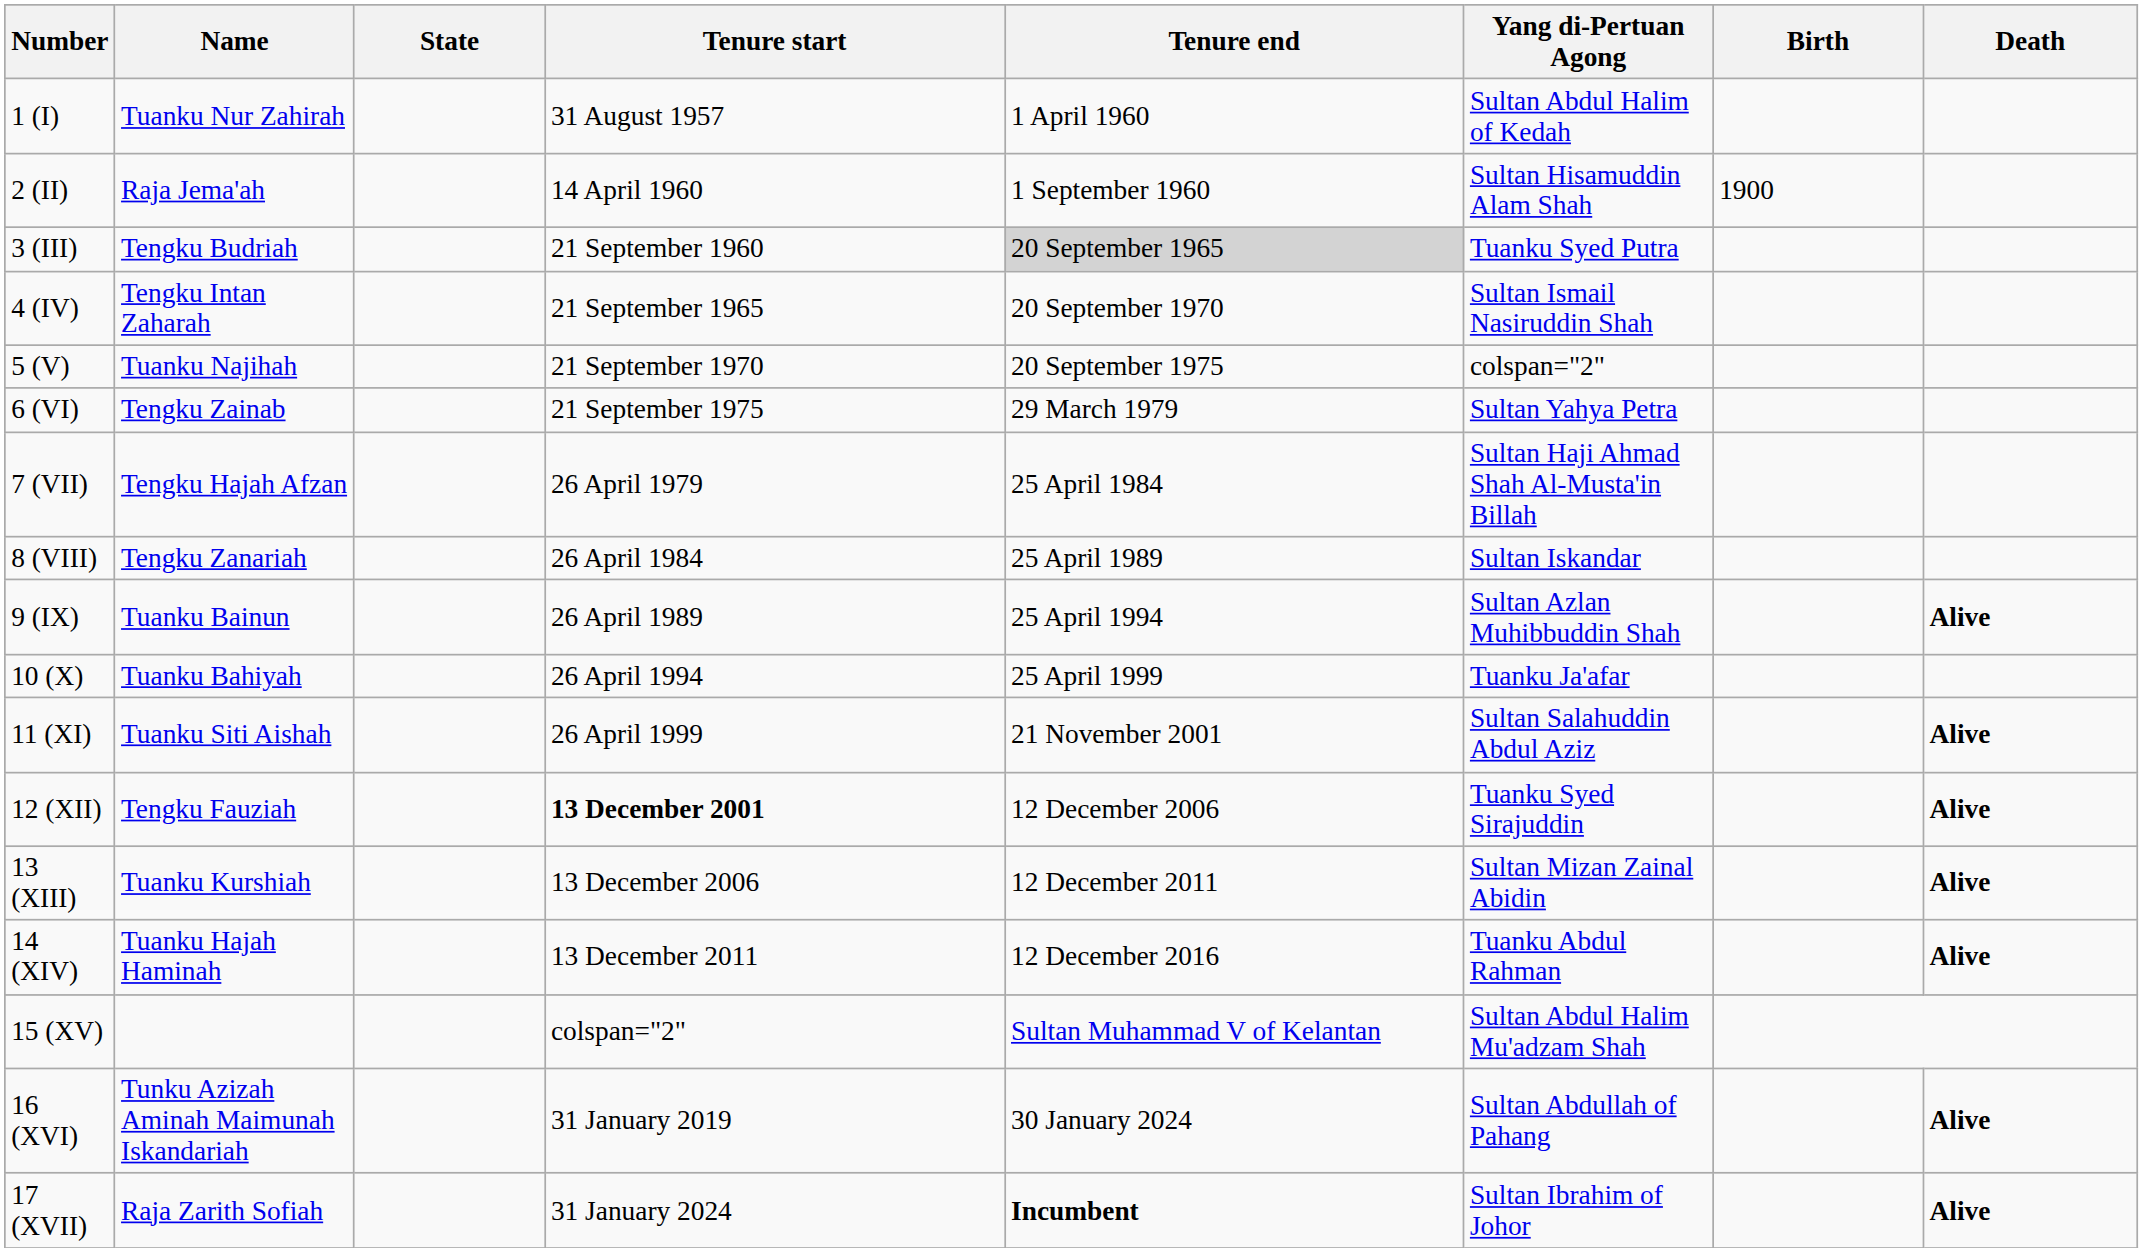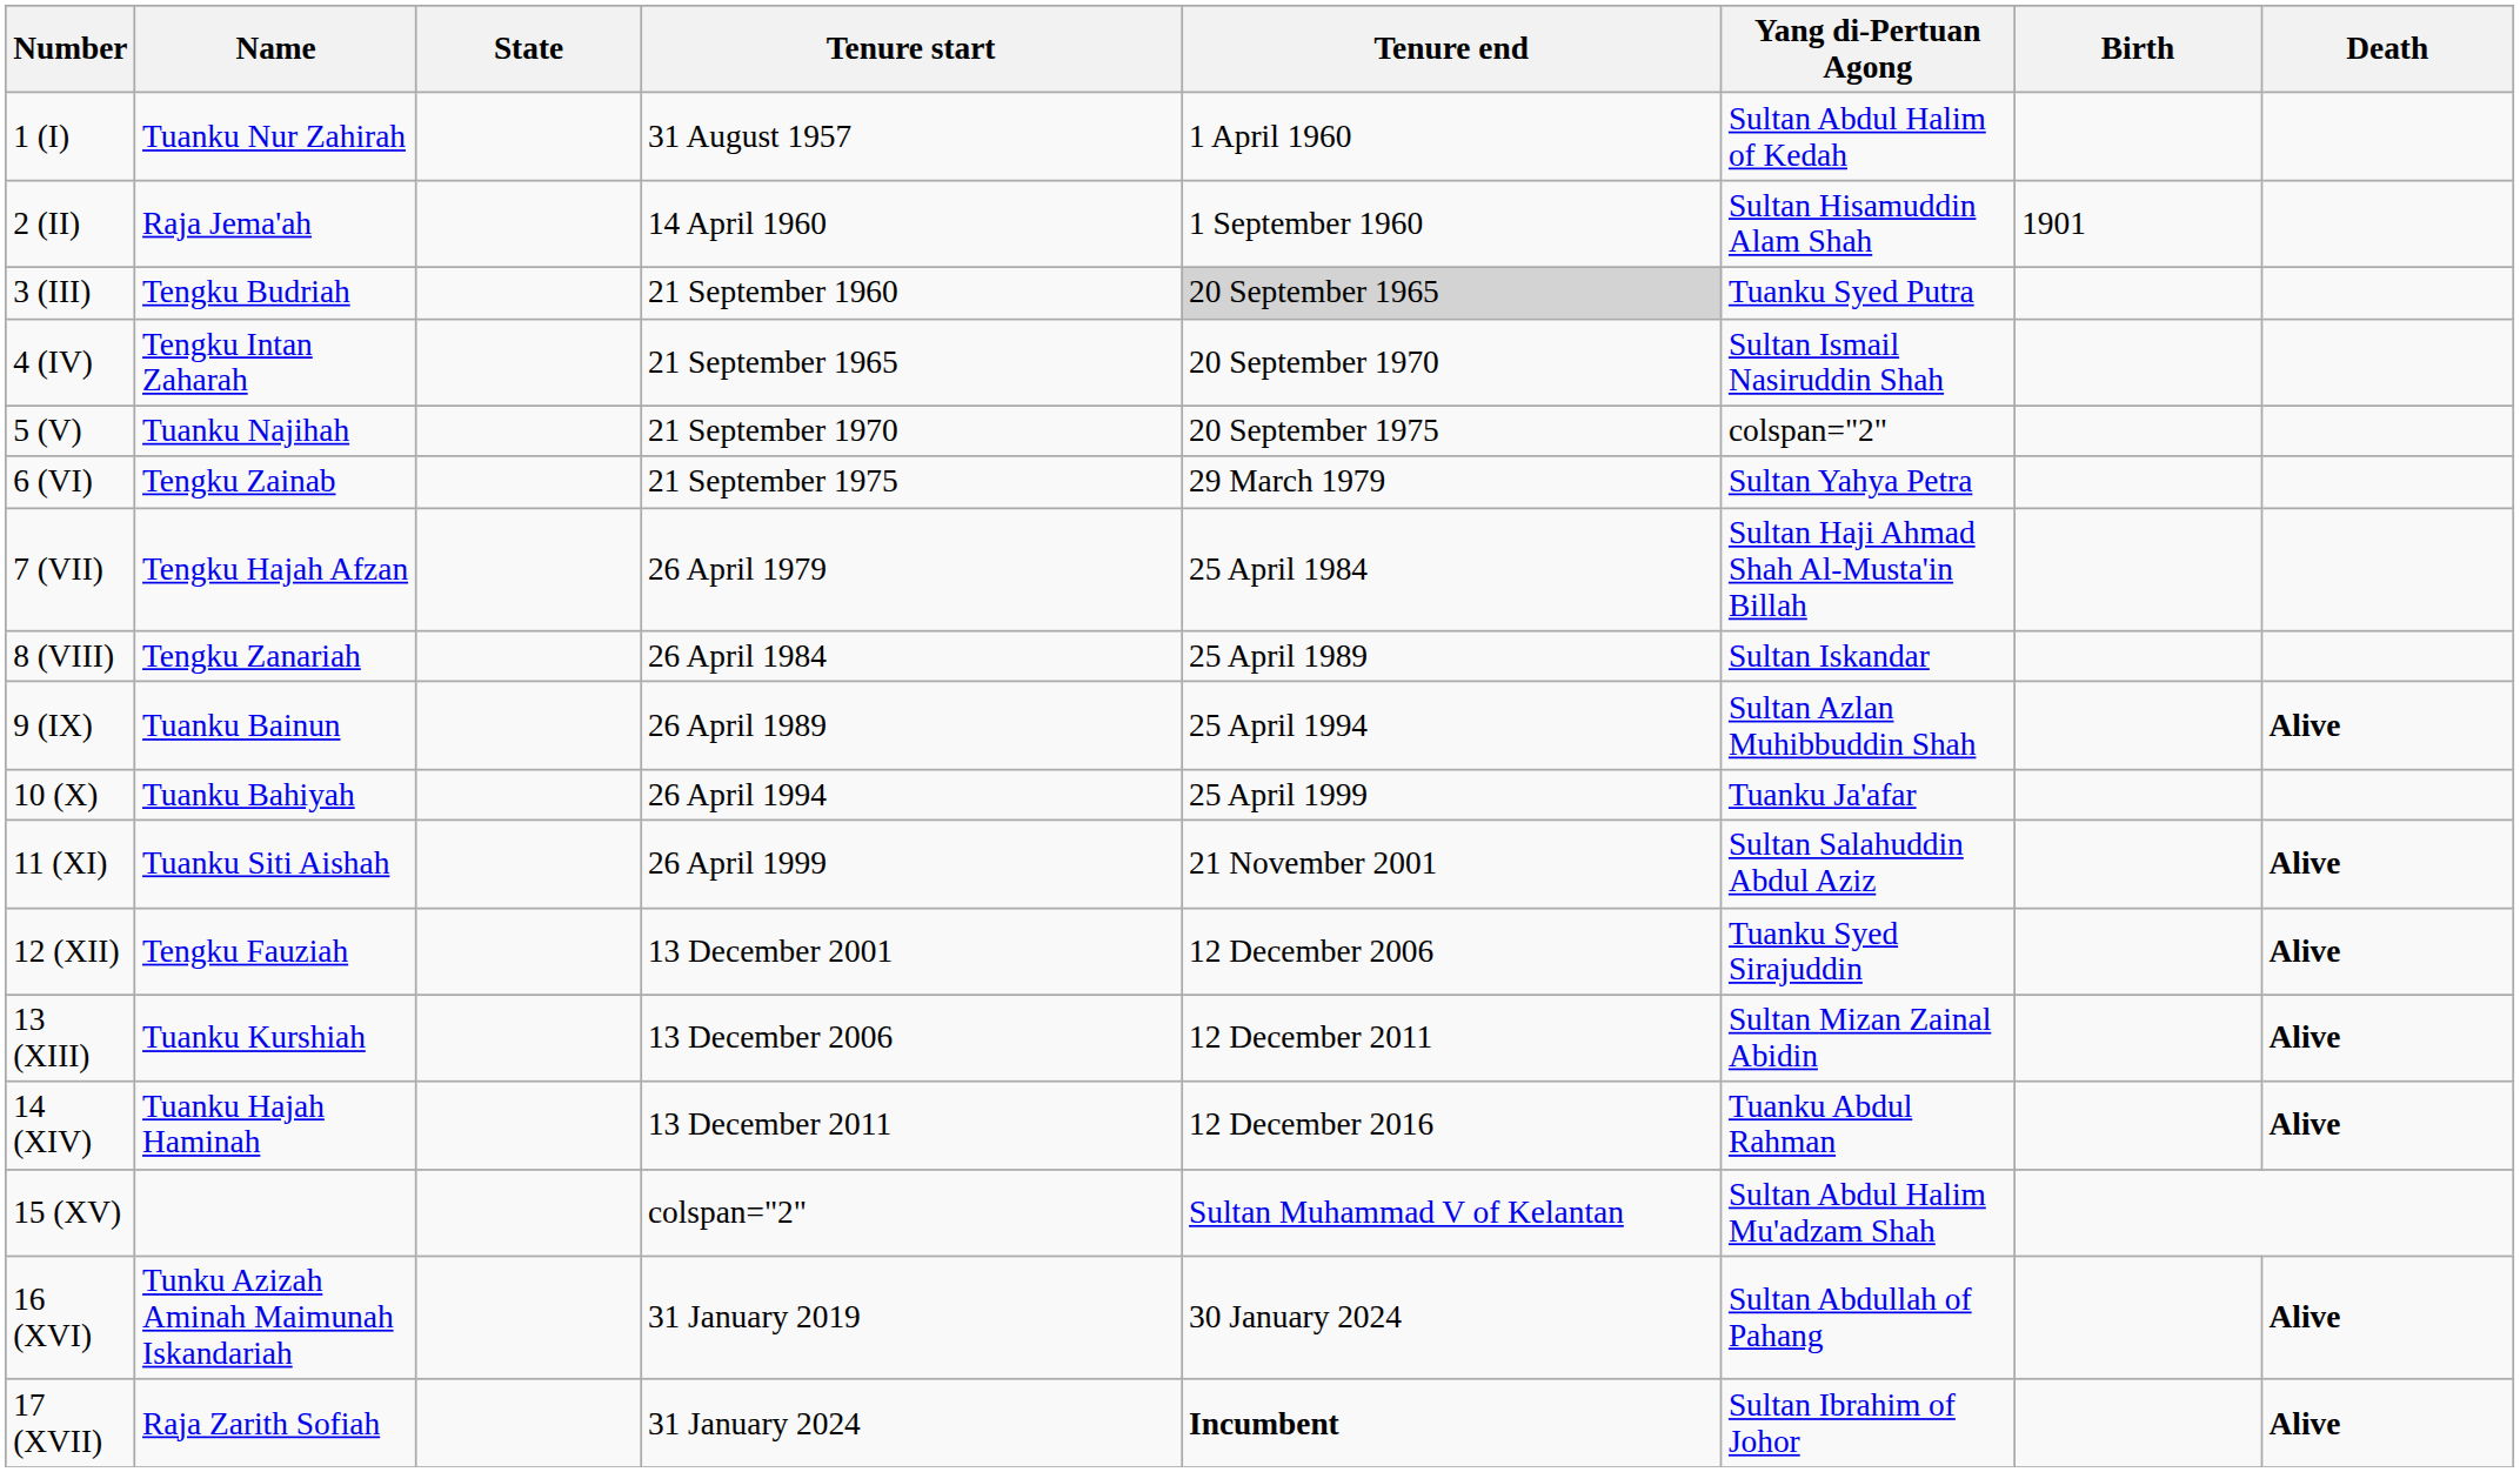 <table class="wikitable">
 <tr>
 <th width="5">Number</th>
 <th width="180">Name</th>
 <th width="160">State</th>
 <th width="410">Tenure start</th>
 <th width="410">Tenure end</th>
 <th width="180">Yang di-Pertuan Agong</th>
 <th width="180">Birth</th>
 <th width="180">Death</th>
 </tr>
 <tr>
 <td>1 (I)</td>
 <td><a href='#'>Tuanku Nur Zahirah</a></td>
 <td></td>
 <td>31 August 1957</td>
 <td>1 April 1960</td>
 <td><a href='#'>Sultan Abdul Halim of Kedah</a></td>
 <td></td>
 <td></td>
 </tr>
 <tr>
 <td>2 (II)</td>
 <td><a href='#'>Raja Jema'ah</a></td>
 <td></td>
 <td>14 April 1960</td>
 <td>1 September 1960</td>
 <td><a href='#'>Sultan Hisamuddin Alam Shah</a></td>
-<td>1900</td>
+<td>1901</td>
 <td></td>
 </tr>
 <tr>
 <td>3 (III)</td>
 <td><a href='#'>Tengku Budriah</a></td>
 <td></td>
 <td>21 September 1960</td>
 <td style="background: lightgrey;">20 September 1965</td>
 <td><a href='#'>Tuanku Syed Putra</a></td>
 <td></td>
 <td></td>
 </tr>
 <tr>
 <td>4 (IV)</td>
 <td><a href='#'>Tengku Intan Zaharah</a></td>
 <td></td>
 <td>21 September 1965</td>
 <td>20 September 1970</td>
 <td><a href='#'>Sultan Ismail Nasiruddin Shah</a></td>
 <td></td>
 <td></td>
 </tr>
 <tr>
 <td>5 (V)</td>
 <td><a href='#'>Tuanku Najihah</a></td>
 <td></td>
 <td>21 September 1970</td>
 <td>20 September 1975</td>
 <td>colspan="2" </td>
 <td></td>
 <td></td>
 </tr>
 <tr>
 <td>6 (VI)</td>
 <td><a href='#'>Tengku Zainab</a></td>
 <td></td>
 <td>21 September 1975</td>
 <td>29 March 1979</td>
 <td><a href='#'>Sultan Yahya Petra</a></td>
 <td></td>
 <td></td>
 </tr>
 <tr>
 <td>7 (VII)</td>
 <td><a href='#'>Tengku Hajah Afzan</a></td>
 <td></td>
 <td>26 April 1979</td>
 <td>25 April 1984</td>
 <td><a href='#'>Sultan Haji Ahmad Shah Al-Musta'in Billah</a></td>
 <td></td>
 <td></td>
 </tr>
 <tr>
 <td>8 (VIII)</td>
 <td><a href='#'>Tengku Zanariah</a></td>
 <td></td>
 <td>26 April 1984</td>
 <td>25 April 1989</td>
 <td><a href='#'>Sultan Iskandar</a></td>
 <td></td>
 <td></td>
 </tr>
 <tr>
 <td>9 (IX)</td>
 <td><a href='#'>Tuanku Bainun</a></td>
 <td></td>
 <td>26 April 1989</td>
 <td>25 April 1994</td>
 <td><a href='#'>Sultan Azlan Muhibbuddin Shah</a></td>
 <td></td>
 <td><strong>Alive</strong></td>
 </tr>
 <tr>
 <td>10 (X)</td>
 <td><a href='#'>Tuanku Bahiyah</a></td>
 <td></td>
 <td>26 April 1994</td>
 <td>25 April 1999</td>
 <td><a href='#'>Tuanku Ja'afar</a></td>
 <td></td>
 <td></td>
 </tr>
 <tr>
 <td>11 (XI)</td>
 <td><a href='#'>Tuanku Siti Aishah</a></td>
 <td></td>
 <td>26 April 1999</td>
 <td>21 November 2001</td>
 <td><a href='#'>Sultan Salahuddin Abdul Aziz</a></td>
 <td></td>
 <td><strong>Alive</strong></td>
 </tr>
 <tr>
 <td>12 (XII)</td>
 <td><a href='#'>Tengku Fauziah</a></td>
 <td></td>
-<td><strong>13 December 2001</strong></td>
+<td>13 December 2001</td>
 <td>12 December 2006</td>
 <td><a href='#'>Tuanku Syed Sirajuddin</a></td>
 <td></td>
 <td><strong>Alive</strong></td>
 </tr>
 <tr>
 <td>13 (XIII)</td>
 <td><a href='#'>Tuanku Kurshiah</a></td>
 <td></td>
 <td>13 December 2006</td>
 <td>12 December 2011</td>
 <td><a href='#'>Sultan Mizan Zainal Abidin</a></td>
 <td></td>
 <td><strong>Alive</strong></td>
 </tr>
 <tr>
 <td>14 (XIV)</td>
 <td><a href='#'>Tuanku Hajah Haminah</a></td>
 <td></td>
 <td>13 December 2011</td>
 <td>12 December 2016</td>
 <td><a href='#'>Tuanku Abdul Rahman</a></td>
 <td></td>
 <td><strong>Alive</strong></td>
 </tr>
 <tr>
 <td>15 (XV)</td>
 <td></td>
 <td></td>
 <td>colspan="2" </td>
 <td><a href='#'>Sultan Muhammad V of Kelantan</a></td>
 <td><a href='#'>Sultan Abdul Halim Mu'adzam Shah</a></td>
 </tr>
 <tr>
 <td>16 (XVI)</td>
 <td><a href='#'>Tunku Azizah Aminah Maimunah Iskandariah</a></td>
 <td></td>
 <td>31 January 2019</td>
 <td>30 January 2024</td>
 <td><a href='#'>Sultan Abdullah of Pahang</a></td>
 <td></td>
 <td><strong>Alive</strong></td>
 </tr>
 <tr>
 <td>17 (XVII)</td>
 <td><a href='#'>Raja Zarith Sofiah</a></td>
 <td></td>
 <td>31 January 2024</td>
 <td><strong>Incumbent</strong></td>
 <td><a href='#'>Sultan Ibrahim of Johor</a></td>
 <td></td>
 <td><strong>Alive</strong></td>
 </tr>
 </table>
